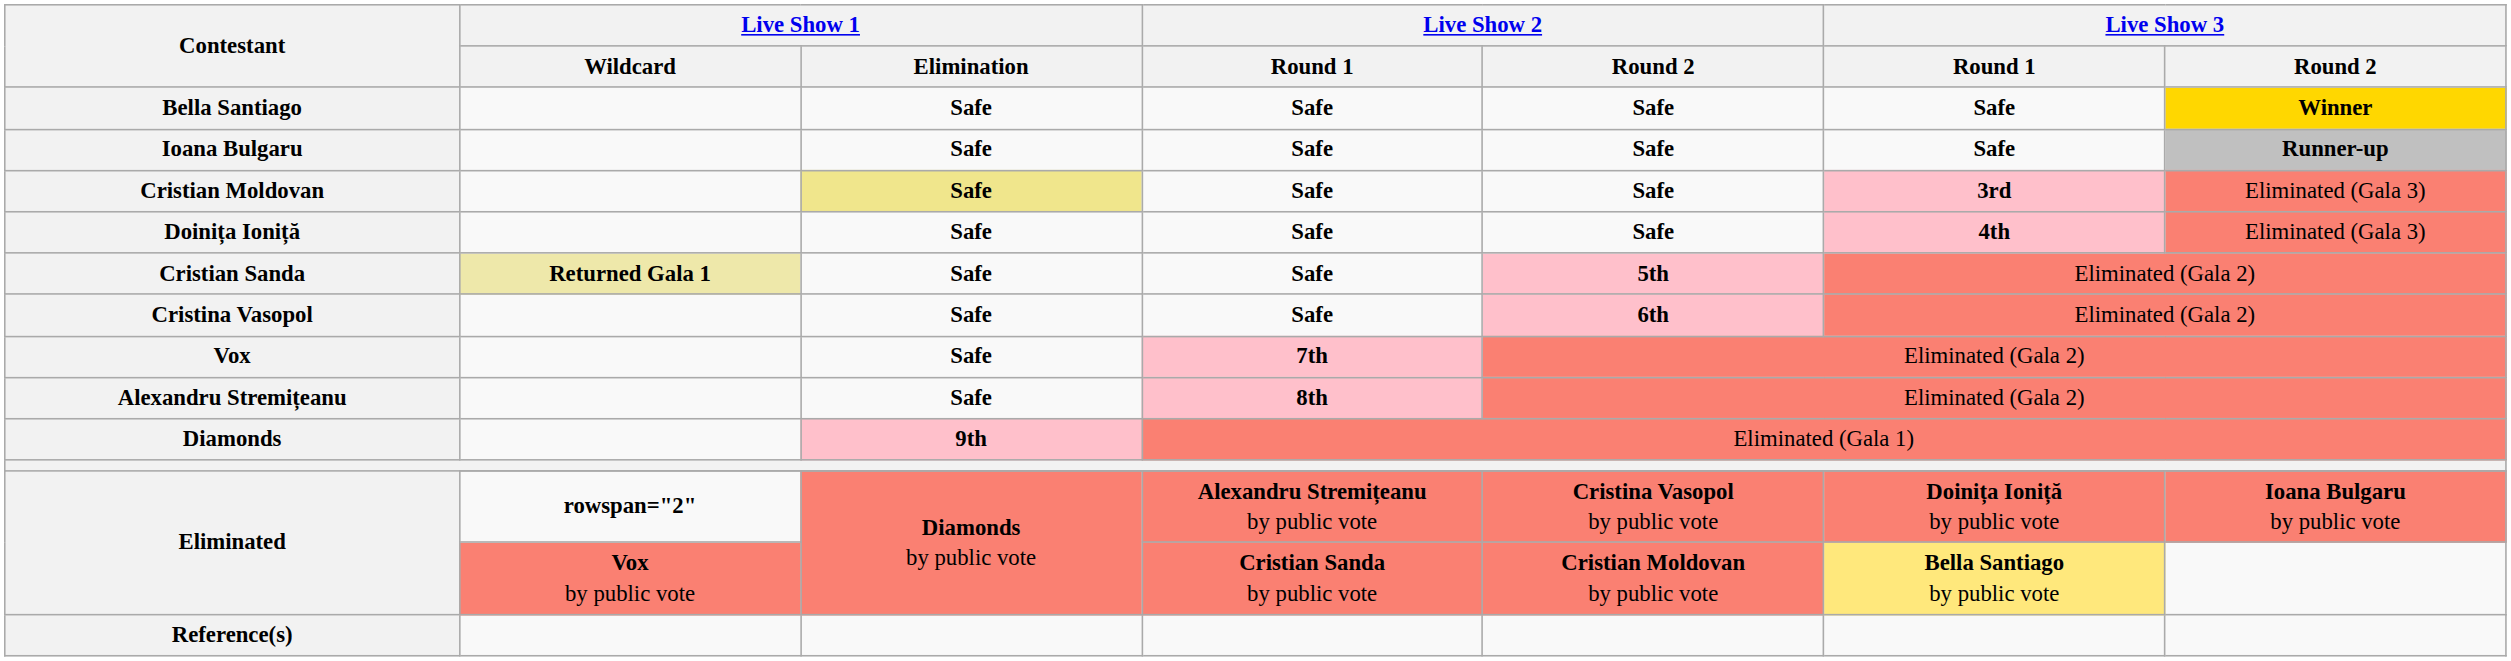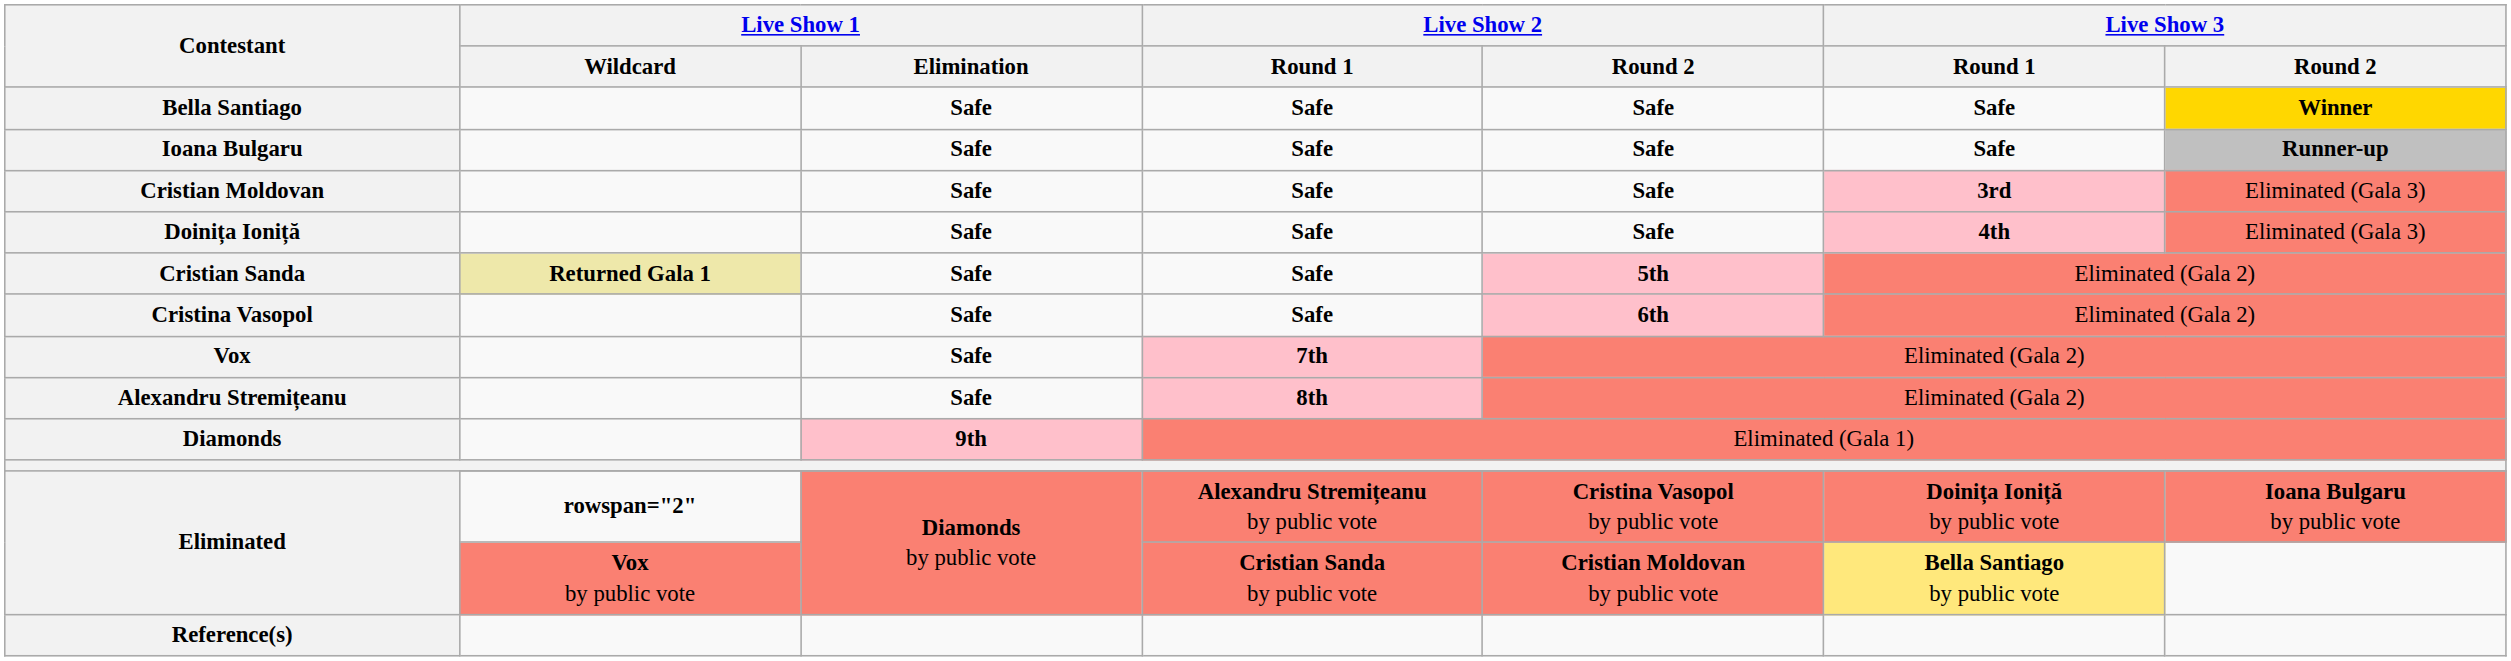 <table class="wikitable" style="font-size:90%;text-align:center;line-height:1.35;width:100%">
 <tr>
 <th style="width:16%"   rowspan="2" scope="col">Contestant</th>
 <th style="width:10.5%" colspan="2"><a href='#'>Live Show 1</a></th>
 <th style="width:10.5%" colspan="2" scope="col"><a href='#'>Live Show 2</a></th>
 <th style="width:10.5%" colspan="2" scope="col"><a href='#'>Live Show 3</a></th>
 </tr>
 <tr>
 <th style="width:12%">Wildcard</th>
 <th style="width:12%">Elimination</th>
 <th style="width:12%">Round 1</th>
 <th style="width:12%">Round 2</th>
 <th style="width:12%">Round 1</th>
 <th style="width:12%">Round 2</th>
 </tr>
 <tr>
 <th scope="row">Bella Santiago</th>
 <td></td>
 <td><strong>Safe</strong></td>
 <td><strong>Safe</strong></td>
 <td><strong>Safe</strong></td>
 <td><strong>Safe</strong></td>
 <td bgcolor=gold><strong>Winner</strong></td>
 </tr>
 <tr>
 <th scope="row">Ioana Bulgaru</th>
 <td></td>
 <td><strong>Safe</strong></td>
 <td><strong>Safe</strong></td>
 <td><strong>Safe</strong></td>
 <td><strong>Safe</strong></td>
 <td bgcolor=silver><strong>Runner-up</strong></td>
 </tr>
 <tr>
 <th scope="row">Cristian Moldovan</th>
 <td></td>
-<td style="background: khaki;"><strong>Safe</strong></td>
+<td><strong>Safe</strong></td>
 <td><strong>Safe</strong></td>
 <td><strong>Safe</strong></td>
 <td bgcolor=pink><strong>3rd</strong></td>
 <td colspan="4" rowspan="1" style="background:salmon;">Eliminated  (Gala 3)</td>
 </tr>
 <tr>
 <th scope="row">Doinița Ioniță</th>
 <td></td>
 <td><strong>Safe</strong></td>
 <td><strong>Safe</strong></td>
 <td><strong>Safe</strong></td>
 <td bgcolor=pink><strong>4th</strong></td>
 <td colspan="3" rowspan="1" style="background:salmon;">Eliminated  (Gala 3)</td>
 </tr>
 <tr>
 <th scope="row">Cristian Sanda</th>
 <td style="background:#EEE8AA"><strong>Returned Gala 1</strong></td>
 <td><strong>Safe</strong></td>
 <td><strong>Safe</strong></td>
 <td bgcolor=pink><strong>5th</strong></td>
 <td colspan="4" rowspan="1" style="background:salmon;">Eliminated  (Gala 2)</td>
 </tr>
 <tr>
 <th scope="row">Cristina Vasopol</th>
 <td></td>
 <td><strong>Safe</strong></td>
 <td><strong>Safe</strong></td>
 <td bgcolor=pink><strong>6th</strong></td>
 <td colspan="4" rowspan="1" style="background:salmon;">Eliminated  (Gala 2)</td>
 </tr>
 <tr>
 <th scope="row">Vox</th>
 <td></td>
 <td><strong>Safe</strong></td>
 <td bgcolor=pink><strong>7th</strong></td>
 <td colspan="4" rowspan="1" style="background:salmon;">Eliminated  (Gala 2)</td>
 </tr>
 <tr>
 <th scope="row">Alexandru Stremițeanu</th>
 <td></td>
 <td><strong>Safe</strong></td>
 <td bgcolor=pink><strong>8th</strong></td>
 <td colspan="4" rowspan="1" style="background:salmon;">Eliminated  (Gala 2)</td>
 </tr>
 <tr>
 <th scope="row">Diamonds</th>
 <td></td>
 <td bgcolor=pink><strong>9th</strong></td>
 <td colspan="4" rowspan="1" style="background:salmon;">Eliminated  (Gala 1)</td>
 </tr>
 <tr>
 <th colspan="7"></th>
 </tr>
 <tr>
 <th scope="row" rowspan="3">Eliminated</th>
 </tr>
 <tr>
 <td><strong>rowspan="2" </strong></td>
 <td style="background:salmon;" rowspan="2"><strong>Diamonds</strong><br>by public vote</td>
 <td style="background:salmon;" rowspan="1"><strong>Alexandru Stremițeanu</strong><br>by public vote</td>
 <td style="background:salmon;" rowspan="1"><strong>Cristina Vasopol</strong><br>by public vote</td>
 <td style="background:salmon;" rowspan="1"><strong>Doinița Ioniță</strong><br>by public vote</td>
 <td style="background:salmon;" rowspan="1"><strong>Ioana Bulgaru</strong><br>by public vote</td>
 </tr>
 <tr>
 <td style="background:salmon;" rowspan="1"><strong>Vox</strong><br>by public vote</td>
 <td style="background:salmon;" rowspan="1"><strong>Cristian Sanda</strong><br>by public vote</td>
 <td style="background:salmon;" rowspan="1"><strong>Cristian Moldovan</strong><br>by public vote</td>
 <td style="background:#FFE87C;" rowspan="1"><strong>Bella Santiago</strong><br>by public vote</td>
 </tr>
 <tr>
 <th scope="row">Reference(s)</th>
 <td></td>
 <td></td>
 <td></td>
 <td></td>
 <td></td>
 <td></td>
 </tr>
 </table>
